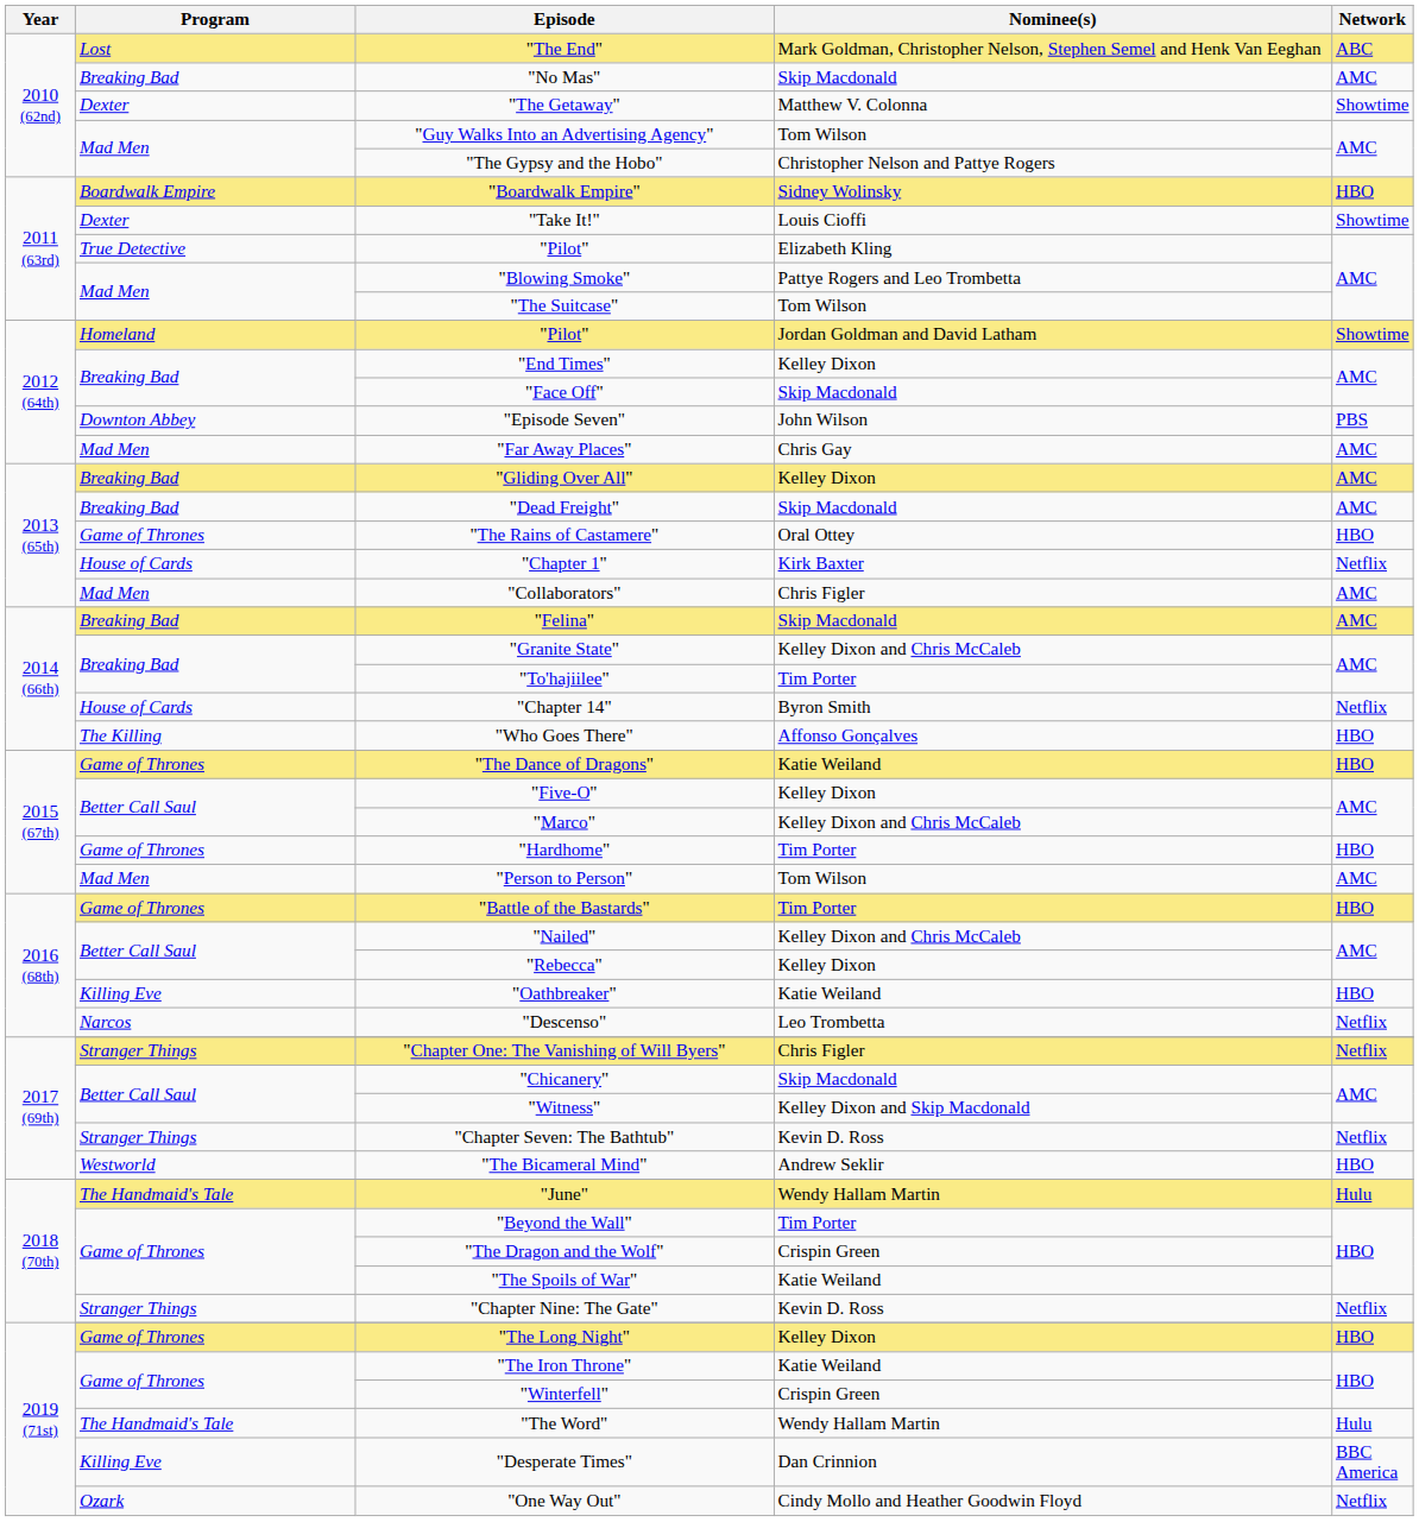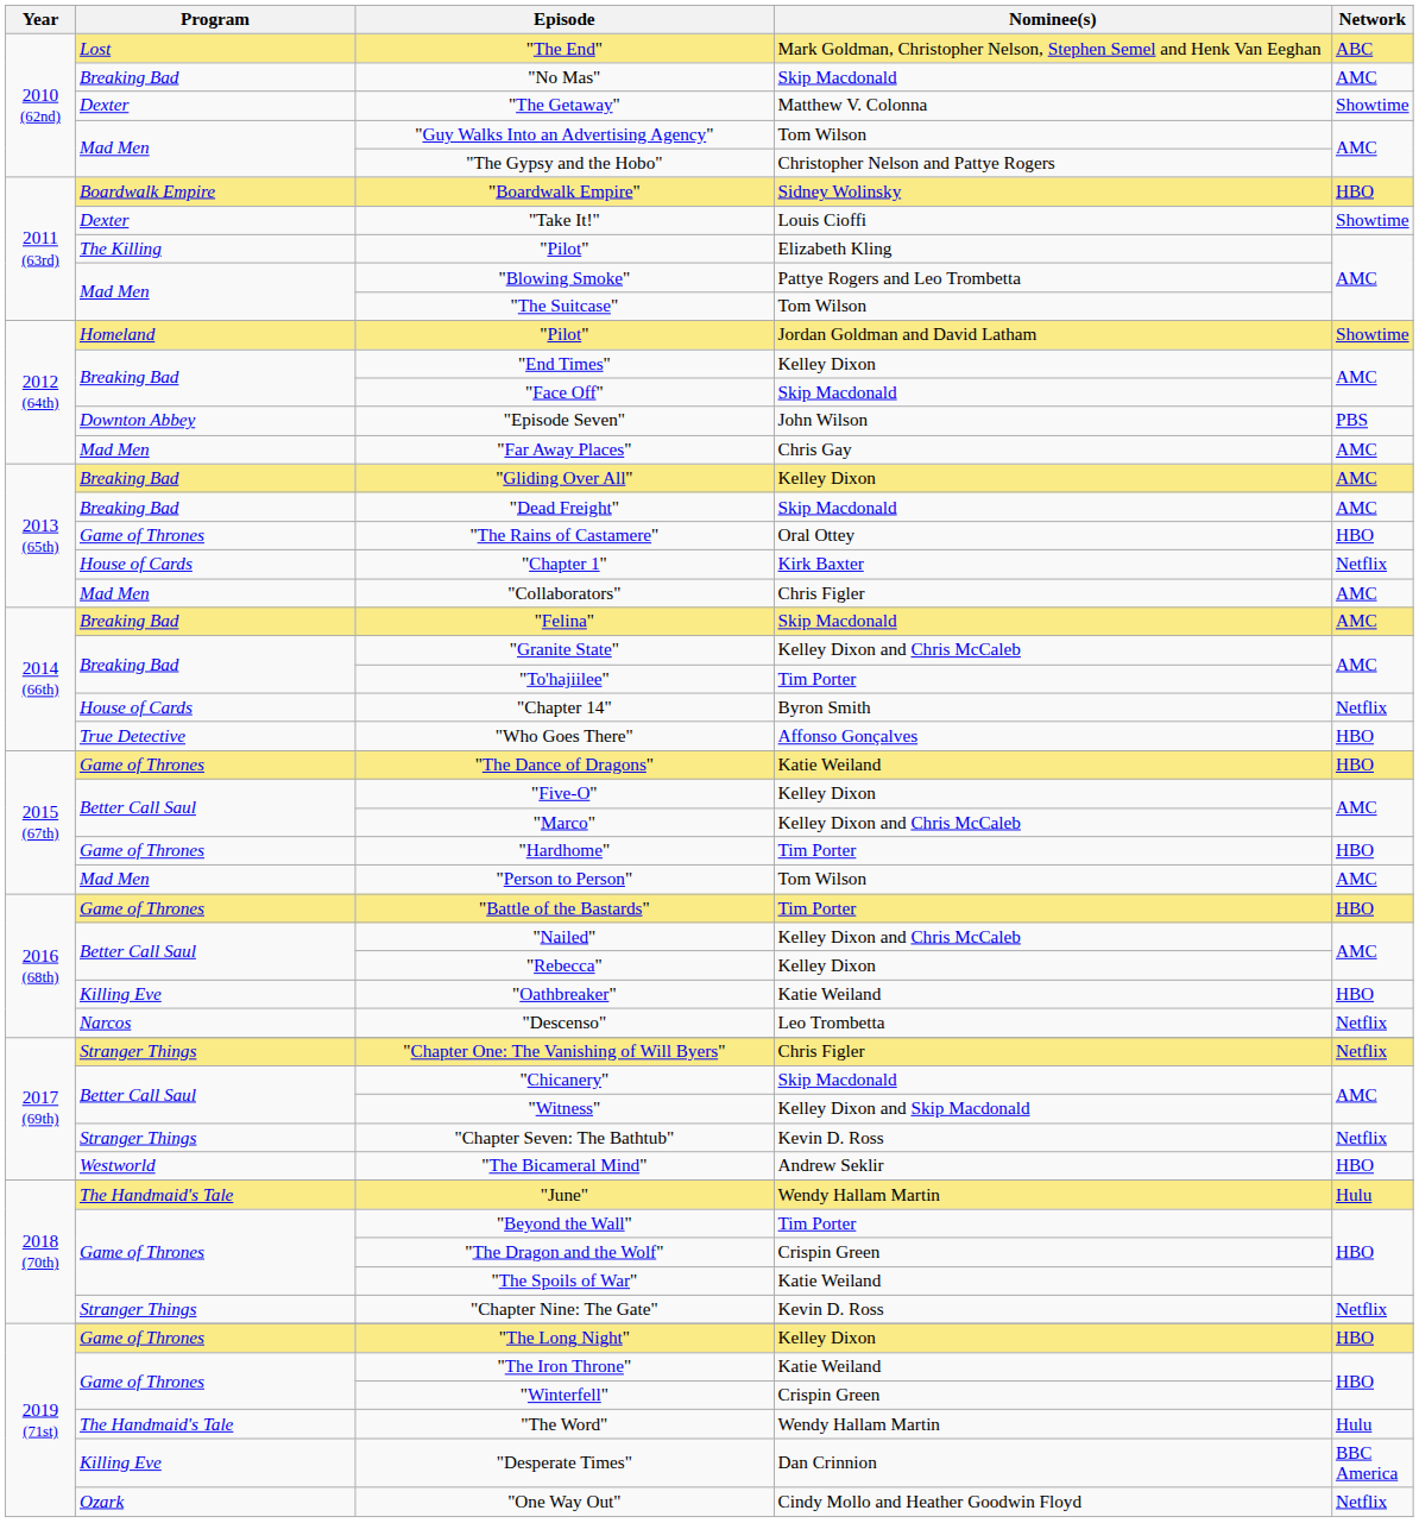 <table class="wikitable">
 <tr>
 <th width="5%">Year</th>
 <th width="20%">Program</th>
 <th width="30%">Episode</th>
 <th width="40%">Nominee(s)</th>
 <th width="5%">Network</th>
 </tr>
 <tr>
 <td rowspan=5 style="text-align:center;"><a href='#'>2010</a><br><small><a href='#'>(62nd)</a></small><br></td>
 <td style="background:#FAEB86;"><em><a href='#'>Lost</a></em></td>
 <td style="background:#FAEB86;" align=center>"<a href='#'>The End</a>"</td>
 <td style="background:#FAEB86;">Mark Goldman, Christopher Nelson, <a href='#'>Stephen Semel</a> and Henk Van Eeghan</td>
 <td style="background:#FAEB86;"><a href='#'>ABC</a></td>
 </tr>
 <tr>
 <td><em><a href='#'>Breaking Bad</a></em></td>
 <td align=center>"No Mas"</td>
 <td><a href='#'>Skip Macdonald</a></td>
 <td><a href='#'>AMC</a></td>
 </tr>
 <tr>
 <td><em><a href='#'>Dexter</a></em></td>
 <td align=center>"<a href='#'>The Getaway</a>"</td>
 <td>Matthew V. Colonna</td>
 <td><a href='#'>Showtime</a></td>
 </tr>
 <tr>
 <td rowspan=2><em><a href='#'>Mad Men</a></em></td>
 <td align=center>"<a href='#'>Guy Walks Into an Advertising Agency</a>"</td>
 <td>Tom Wilson</td>
 <td rowspan=2><a href='#'>AMC</a></td>
 </tr>
 <tr>
 <td align=center>"The Gypsy and the Hobo"</td>
 <td>Christopher Nelson and Pattye Rogers</td>
 </tr>
 <tr>
 <td rowspan=5 style="text-align:center;"><a href='#'>2011</a><br><small><a href='#'>(63rd)</a></small><br></td>
 <td style="background:#FAEB86;"><em><a href='#'>Boardwalk Empire</a></em></td>
 <td style="background:#FAEB86;" align=center>"<a href='#'>Boardwalk Empire</a>"</td>
 <td style="background:#FAEB86;"><a href='#'>Sidney Wolinsky</a></td>
 <td style="background:#FAEB86;"><a href='#'>HBO</a></td>
 </tr>
 <tr>
 <td><em><a href='#'>Dexter</a></em></td>
 <td align=center>"Take It!"</td>
 <td>Louis Cioffi</td>
 <td><a href='#'>Showtime</a></td>
 </tr>
 <tr>
-<td><em><a href='#'>True Detective</a></em></td>
+<td><em><a href='#'>The Killing</a></em></td>
 <td align=center>"<a href='#'>Pilot</a>"</td>
 <td>Elizabeth Kling</td>
 <td rowspan=3><a href='#'>AMC</a></td>
 </tr>
 <tr>
 <td rowspan=2><em><a href='#'>Mad Men</a></em></td>
 <td align=center>"<a href='#'>Blowing Smoke</a>"</td>
 <td>Pattye Rogers and Leo Trombetta</td>
 </tr>
 <tr>
 <td align=center>"<a href='#'>The Suitcase</a>"</td>
 <td>Tom Wilson</td>
 </tr>
 <tr>
 <td rowspan=5 style="text-align:center;"><a href='#'>2012</a><br><small><a href='#'>(64th)</a></small><br></td>
 <td style="background:#FAEB86;"><em><a href='#'>Homeland</a></em></td>
 <td style="background:#FAEB86;" align=center>"<a href='#'>Pilot</a>"</td>
 <td style="background:#FAEB86;">Jordan Goldman and David Latham</td>
 <td style="background:#FAEB86;"><a href='#'>Showtime</a></td>
 </tr>
 <tr>
 <td rowspan=2><em><a href='#'>Breaking Bad</a></em></td>
 <td align=center>"<a href='#'>End Times</a>"</td>
 <td>Kelley Dixon</td>
 <td rowspan=2><a href='#'>AMC</a></td>
 </tr>
 <tr>
 <td align=center>"<a href='#'>Face Off</a>"</td>
 <td><a href='#'>Skip Macdonald</a></td>
 </tr>
 <tr>
 <td><em><a href='#'>Downton Abbey</a></em></td>
 <td align=center>"Episode Seven"</td>
 <td>John Wilson</td>
 <td><a href='#'>PBS</a></td>
 </tr>
 <tr>
 <td><em><a href='#'>Mad Men</a></em></td>
 <td align=center>"<a href='#'>Far Away Places</a>"</td>
 <td>Chris Gay</td>
 <td><a href='#'>AMC</a></td>
 </tr>
 <tr>
 <td rowspan=5 style="text-align:center;"><a href='#'>2013</a><br><small><a href='#'>(65th)</a></small><br></td>
 <td style="background:#FAEB86;"><em><a href='#'>Breaking Bad</a></em></td>
 <td style="background:#FAEB86;" align=center>"<a href='#'>Gliding Over All</a>"</td>
 <td style="background:#FAEB86;">Kelley Dixon</td>
 <td style="background:#FAEB86;"><a href='#'>AMC</a></td>
 </tr>
 <tr>
 <td><em><a href='#'>Breaking Bad</a></em></td>
 <td align=center>"<a href='#'>Dead Freight</a>"</td>
 <td><a href='#'>Skip Macdonald</a></td>
 <td><a href='#'>AMC</a></td>
 </tr>
 <tr>
 <td><em><a href='#'>Game of Thrones</a></em></td>
 <td align=center>"<a href='#'>The Rains of Castamere</a>"</td>
 <td>Oral Ottey</td>
 <td><a href='#'>HBO</a></td>
 </tr>
 <tr>
 <td><em><a href='#'>House of Cards</a></em></td>
 <td align=center>"<a href='#'>Chapter 1</a>"</td>
 <td><a href='#'>Kirk Baxter</a></td>
 <td><a href='#'>Netflix</a></td>
 </tr>
 <tr>
 <td><em><a href='#'>Mad Men</a></em></td>
 <td align=center>"Collaborators"</td>
 <td>Chris Figler</td>
 <td><a href='#'>AMC</a></td>
 </tr>
 <tr>
 <td rowspan=5 style="text-align:center;"><a href='#'>2014</a><br><small><a href='#'>(66th)</a></small><br></td>
 <td style="background:#FAEB86;"><em><a href='#'>Breaking Bad</a></em></td>
 <td style="background:#FAEB86;" align=center>"<a href='#'>Felina</a>"</td>
 <td style="background:#FAEB86;"><a href='#'>Skip Macdonald</a></td>
 <td style="background:#FAEB86;"><a href='#'>AMC</a></td>
 </tr>
 <tr>
 <td rowspan=2><em><a href='#'>Breaking Bad</a></em></td>
 <td align=center>"<a href='#'>Granite State</a>"</td>
 <td>Kelley Dixon and <a href='#'>Chris McCaleb</a></td>
 <td rowspan=2><a href='#'>AMC</a></td>
 </tr>
 <tr>
 <td align=center>"<a href='#'>To'hajiilee</a>"</td>
 <td><a href='#'>Tim Porter</a></td>
 </tr>
 <tr>
 <td><em><a href='#'>House of Cards</a></em></td>
 <td align=center>"Chapter 14"</td>
 <td>Byron Smith</td>
 <td><a href='#'>Netflix</a></td>
 </tr>
 <tr>
-<td><em><a href='#'>The Killing</a></em></td>
+<td><em><a href='#'>True Detective</a></em></td>
 <td align=center>"Who Goes There"</td>
 <td><a href='#'>Affonso Gonçalves</a></td>
 <td><a href='#'>HBO</a></td>
 </tr>
 <tr>
 <td rowspan=5 style="text-align:center;"><a href='#'>2015</a><br><small><a href='#'>(67th)</a></small><br></td>
 <td style="background:#FAEB86;"><em><a href='#'>Game of Thrones</a></em></td>
 <td style="background:#FAEB86;" align=center>"<a href='#'>The Dance of Dragons</a>"</td>
 <td style="background:#FAEB86;">Katie Weiland</td>
 <td style="background:#FAEB86;"><a href='#'>HBO</a></td>
 </tr>
 <tr>
 <td rowspan=2><em><a href='#'>Better Call Saul</a></em></td>
 <td align=center>"<a href='#'>Five-O</a>"</td>
 <td>Kelley Dixon</td>
 <td rowspan=2><a href='#'>AMC</a></td>
 </tr>
 <tr>
 <td align=center>"<a href='#'>Marco</a>"</td>
 <td>Kelley Dixon and <a href='#'>Chris McCaleb</a></td>
 </tr>
 <tr>
 <td><em><a href='#'>Game of Thrones</a></em></td>
 <td align=center>"<a href='#'>Hardhome</a>"</td>
 <td><a href='#'>Tim Porter</a></td>
 <td><a href='#'>HBO</a></td>
 </tr>
 <tr>
 <td><em><a href='#'>Mad Men</a></em></td>
 <td align=center>"<a href='#'>Person to Person</a>"</td>
 <td>Tom Wilson</td>
 <td><a href='#'>AMC</a></td>
 </tr>
 <tr>
 <td rowspan=5 style="text-align:center;"><a href='#'>2016</a><br><small><a href='#'>(68th)</a></small><br></td>
 <td style="background:#FAEB86;"><em><a href='#'>Game of Thrones</a></em></td>
 <td style="background:#FAEB86;" align=center>"<a href='#'>Battle of the Bastards</a>"</td>
 <td style="background:#FAEB86;"><a href='#'>Tim Porter</a></td>
 <td style="background:#FAEB86;"><a href='#'>HBO</a></td>
 </tr>
 <tr>
 <td rowspan=2><em><a href='#'>Better Call Saul</a></em></td>
 <td align=center>"<a href='#'>Nailed</a>"</td>
 <td>Kelley Dixon and <a href='#'>Chris McCaleb</a></td>
 <td rowspan=2><a href='#'>AMC</a></td>
 </tr>
 <tr>
 <td align=center>"<a href='#'>Rebecca</a>"</td>
 <td>Kelley Dixon</td>
 </tr>
 <tr>
 <td><em><a href='#'>Killing Eve</a></em></td>
 <td align=center>"<a href='#'>Oathbreaker</a>"</td>
 <td>Katie Weiland</td>
 <td><a href='#'>HBO</a></td>
 </tr>
 <tr>
 <td><em><a href='#'>Narcos</a></em></td>
 <td align=center>"Descenso"</td>
 <td>Leo Trombetta</td>
 <td><a href='#'>Netflix</a></td>
 </tr>
 <tr>
 <td rowspan=6 style="text-align:center;"><a href='#'>2017</a><br><small><a href='#'>(69th)</a></small><br></td>
 </tr>
 <tr style="background:#FAEB86;">
 <td><em><a href='#'>Stranger Things</a></em></td>
 <td align=center>"<a href='#'>Chapter One: The Vanishing of Will Byers</a>"</td>
 <td>Chris Figler</td>
 <td><a href='#'>Netflix</a></td>
 </tr>
 <tr>
 <td rowspan=2><em><a href='#'>Better Call Saul</a></em></td>
 <td align=center>"<a href='#'>Chicanery</a>"</td>
 <td><a href='#'>Skip Macdonald</a></td>
 <td rowspan=2><a href='#'>AMC</a></td>
 </tr>
 <tr>
 <td align=center>"<a href='#'>Witness</a>"</td>
 <td>Kelley Dixon and <a href='#'>Skip Macdonald</a></td>
 </tr>
 <tr>
 <td><em><a href='#'>Stranger Things</a></em></td>
 <td align=center>"Chapter Seven: The Bathtub"</td>
 <td>Kevin D. Ross</td>
 <td><a href='#'>Netflix</a></td>
 </tr>
 <tr>
 <td><em><a href='#'>Westworld</a></em></td>
 <td align=center>"<a href='#'>The Bicameral Mind</a>"</td>
 <td>Andrew Seklir</td>
 <td><a href='#'>HBO</a></td>
 </tr>
 <tr>
 <td rowspan=6 style="text-align:center;"><a href='#'>2018</a><br><small><a href='#'>(70th)</a></small><br></td>
 </tr>
 <tr style="background:#FAEB86;">
 <td><em><a href='#'>The Handmaid's Tale</a></em></td>
 <td align=center>"June"</td>
 <td>Wendy Hallam Martin</td>
 <td><a href='#'>Hulu</a></td>
 </tr>
 <tr>
 <td rowspan=3><em><a href='#'>Game of Thrones</a></em></td>
 <td align=center>"<a href='#'>Beyond the Wall</a>"</td>
 <td><a href='#'>Tim Porter</a></td>
 <td rowspan=3><a href='#'>HBO</a></td>
 </tr>
 <tr>
 <td align=center>"<a href='#'>The Dragon and the Wolf</a>"</td>
 <td>Crispin Green</td>
 </tr>
 <tr>
 <td align=center>"<a href='#'>The Spoils of War</a>"</td>
 <td>Katie Weiland</td>
 </tr>
 <tr>
 <td><em><a href='#'>Stranger Things</a></em></td>
 <td align=center>"Chapter Nine: The Gate"</td>
 <td>Kevin D. Ross</td>
 <td><a href='#'>Netflix</a></td>
 </tr>
 <tr>
 <td rowspan=7 style="text-align:center;"><a href='#'>2019</a><br><small><a href='#'>(71st)</a></small><br></td>
 </tr>
 <tr style="background:#FAEB86;">
 <td><em><a href='#'>Game of Thrones</a></em></td>
 <td align=center>"<a href='#'>The Long Night</a>"</td>
 <td>Kelley Dixon</td>
 <td><a href='#'>HBO</a></td>
 </tr>
 <tr>
 <td rowspan=2><em><a href='#'>Game of Thrones</a></em></td>
 <td align=center>"<a href='#'>The Iron Throne</a>"</td>
 <td>Katie Weiland</td>
 <td rowspan=2><a href='#'>HBO</a></td>
 </tr>
 <tr>
 <td align=center>"<a href='#'>Winterfell</a>"</td>
 <td>Crispin Green</td>
 </tr>
 <tr>
 <td><em><a href='#'>The Handmaid's Tale</a></em></td>
 <td align=center>"The Word"</td>
 <td>Wendy Hallam Martin</td>
 <td><a href='#'>Hulu</a></td>
 </tr>
 <tr>
 <td><em><a href='#'>Killing Eve</a></em></td>
 <td align=center>"Desperate Times"</td>
 <td>Dan Crinnion</td>
 <td><a href='#'>BBC America</a></td>
 </tr>
 <tr>
 <td><em><a href='#'>Ozark</a></em></td>
 <td align=center>"One Way Out"</td>
 <td>Cindy Mollo and Heather Goodwin Floyd</td>
 <td><a href='#'>Netflix</a></td>
 </tr>
 </table>
